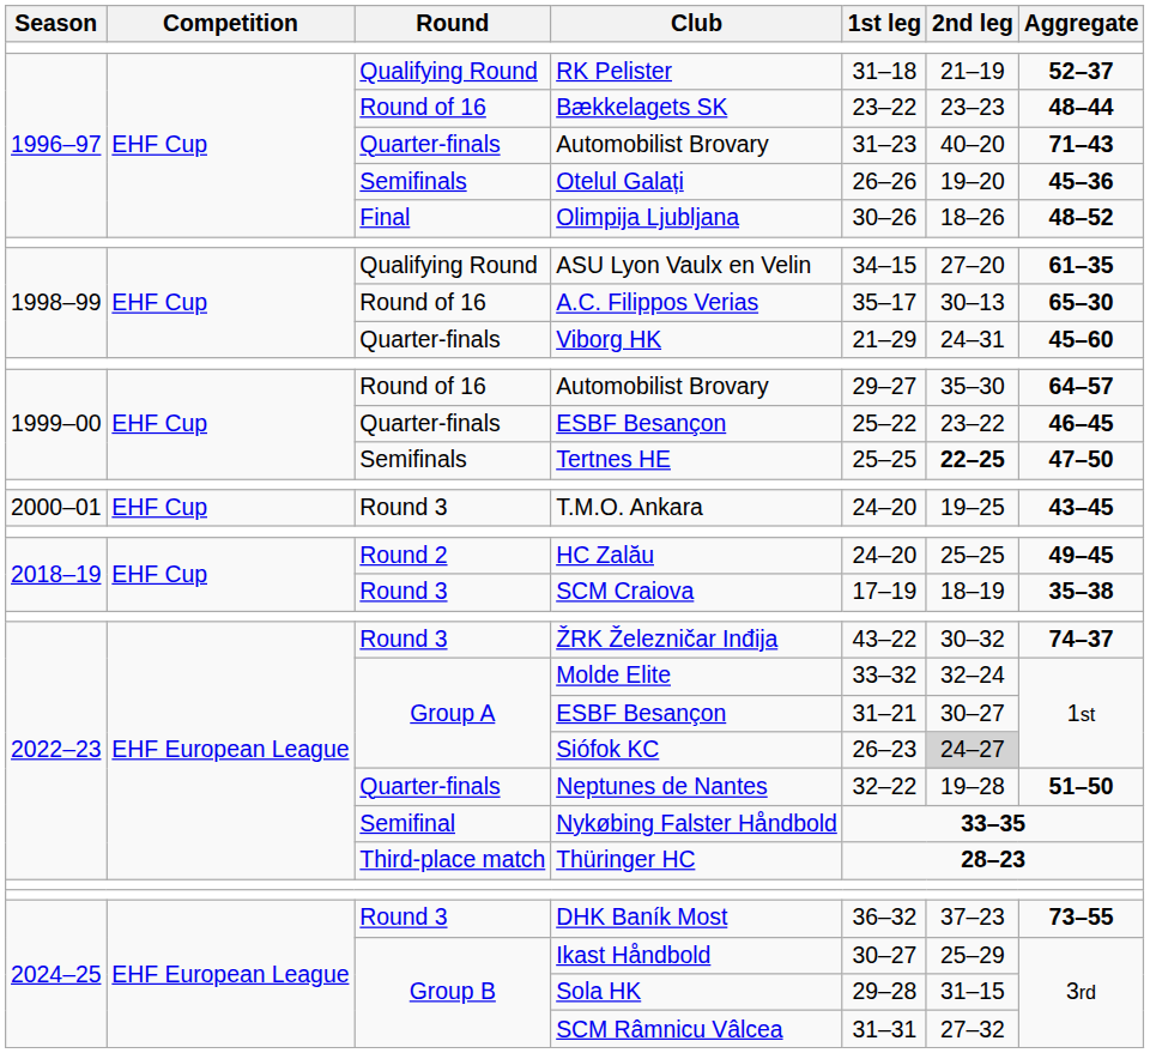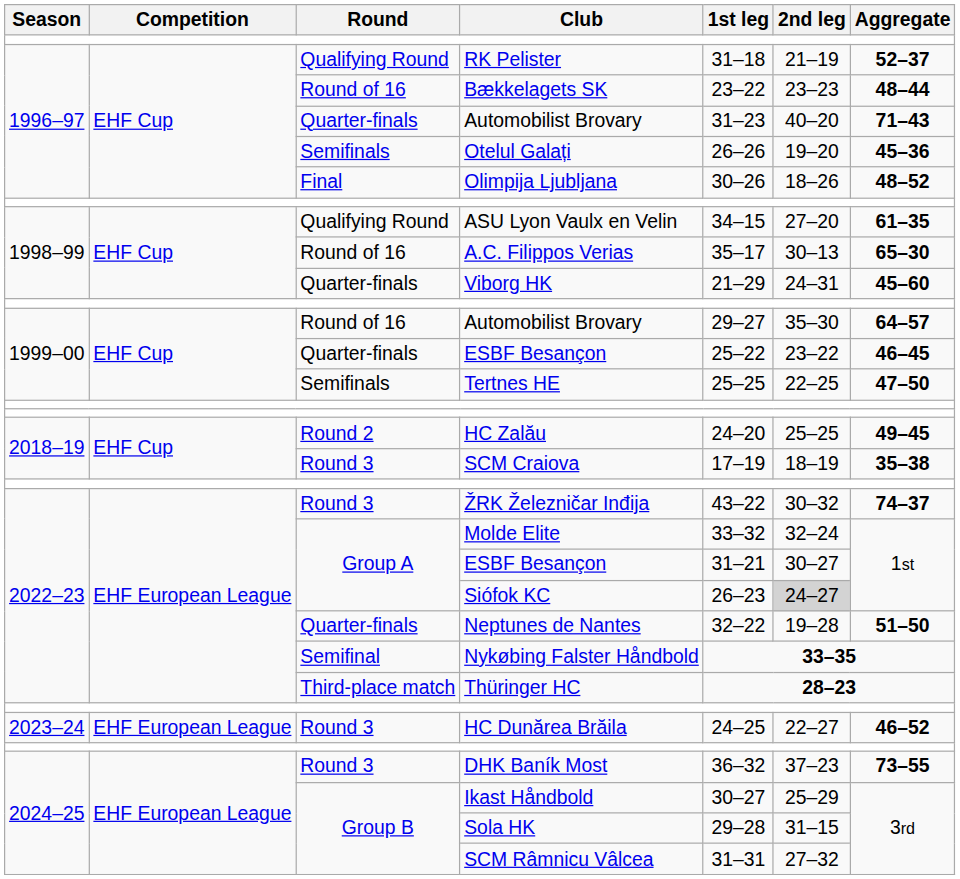 <table class="wikitable">
 <tr>
 <th>Season</th>
 <th>Competition</th>
 <th>Round</th>
 <th>Club</th>
 <th>1st leg</th>
 <th>2nd leg</th>
 <th>Aggregate</th>
 </tr>
 <tr>
 <td colspan="7" bgcolor=white></td>
 </tr>
 <tr>
 <td rowspan=5><a href='#'>1996–97</a></td>
 <td rowspan=5><a href='#'>EHF Cup</a></td>
 <td><a href='#'>Qualifying Round</a></td>
 <td> <a href='#'>RK Pelister</a></td>
 <td align=center>31–18</td>
 <td align=center>21–19</td>
 <td align=center><strong>52–37</strong></td>
 </tr>
 <tr>
 <td><a href='#'>Round of 16</a></td>
 <td> <a href='#'>Bækkelagets SK</a></td>
 <td align=center>23–22</td>
 <td align=center>23–23</td>
 <td align=center><strong>48–44</strong></td>
 </tr>
 <tr>
 <td><a href='#'>Quarter-finals</a></td>
 <td> Automobilist Brovary</td>
 <td align=center>31–23</td>
 <td align=center>40–20</td>
 <td align=center><strong>71–43</strong></td>
 </tr>
 <tr>
 <td><a href='#'>Semifinals</a></td>
 <td> <a href='#'>Otelul Galați</a></td>
 <td align=center>26–26</td>
 <td align=center>19–20</td>
 <td align=center><strong>45–36</strong></td>
 </tr>
 <tr>
 <td><a href='#'>Final</a></td>
 <td> <a href='#'>Olimpija Ljubljana</a></td>
 <td align=center>30–26</td>
 <td align=center>18–26</td>
 <td align=center><strong>48–52</strong></td>
 </tr>
 <tr>
 <td colspan="7" bgcolor=white></td>
 </tr>
 <tr>
 <td rowspan=3>1998–99</td>
 <td rowspan=3><a href='#'>EHF Cup</a></td>
 <td>Qualifying Round</td>
 <td> ASU Lyon Vaulx en Velin</td>
 <td align=center>34–15</td>
 <td align=center>27–20</td>
 <td align=center><strong>61–35</strong></td>
 </tr>
 <tr>
 <td>Round of 16</td>
 <td> <a href='#'>A.C. Filippos Verias</a></td>
 <td align=center>35–17</td>
 <td align=center>30–13</td>
 <td align=center><strong>65–30</strong></td>
 </tr>
 <tr>
 <td>Quarter-finals</td>
 <td> <a href='#'>Viborg HK</a></td>
 <td align=center>21–29</td>
 <td align=center>24–31</td>
 <td align=center><strong>45–60</strong></td>
 </tr>
 <tr>
 <td colspan="7" bgcolor=white></td>
 </tr>
 <tr>
 <td rowspan=3>1999–00</td>
 <td rowspan=3><a href='#'>EHF Cup</a></td>
 <td>Round of 16</td>
 <td> Automobilist Brovary</td>
 <td align=center>29–27</td>
 <td align=center>35–30</td>
 <td align=center><strong>64–57</strong></td>
 </tr>
 <tr>
 <td>Quarter-finals</td>
 <td> <a href='#'>ESBF Besançon</a></td>
 <td align=center>25–22</td>
 <td align=center>23–22</td>
 <td align=center><strong>46–45</strong></td>
 </tr>
 <tr>
 <td>Semifinals</td>
 <td> <a href='#'>Tertnes HE</a></td>
 <td align=center>25–25</td>
-<td align=center><strong>22–25</strong></td>
+<td align=center>22–25</td>
 <td align=center><strong>47–50</strong></td>
 </tr>
 <tr>
 <td colspan="7" bgcolor=white></td>
-</tr>
-<tr>
-<td rowspan=1>2000–01</td>
-<td rowspan=1><a href='#'>EHF Cup</a></td>
-<td>Round 3</td>
-<td> T.M.O. Ankara</td>
-<td align=center>24–20</td>
-<td align=center>19–25</td>
-<td align=center><strong>43–45</strong></td>
 </tr>
 <tr>
 <td colspan="7" bgcolor=white></td>
 </tr>
 <tr>
 <td rowspan=2><a href='#'>2018–19</a></td>
 <td rowspan=2><a href='#'>EHF Cup</a></td>
 <td><a href='#'>Round 2</a></td>
 <td> <a href='#'>HC Zalău</a></td>
 <td align=center>24–20</td>
 <td align=center>25–25</td>
 <td align=center><strong>49–45</strong></td>
 </tr>
 <tr>
 <td><a href='#'>Round 3</a></td>
 <td> <a href='#'>SCM Craiova</a></td>
 <td align=center>17–19</td>
 <td align=center>18–19</td>
 <td align=center><strong>35–38</strong></td>
 </tr>
 <tr>
 <td colspan="7" bgcolor=white></td>
 </tr>
 <tr>
 <td rowspan=7><a href='#'>2022–23</a></td>
 <td rowspan=7><a href='#'>EHF European League</a></td>
 <td><a href='#'>Round 3</a></td>
 <td> <a href='#'>ŽRK Železničar Inđija</a></td>
 <td align=center>43–22</td>
 <td style="text-align:center;">30–32</td>
 <td align=center><strong>74–37</strong></td>
 </tr>
 <tr>
 <td rowspan=3 style="text-align:center;"><a href='#'>Group A</a></td>
 <td> <a href='#'>Molde Elite</a></td>
 <td style="text-align:center;">33–32</td>
 <td style="text-align:center;">32–24</td>
 <td align=center rowspan=3>1<small>st</small></td>
 </tr>
 <tr>
 <td> <a href='#'>ESBF Besançon</a></td>
 <td style="text-align:center;">31–21</td>
 <td style="text-align:center;">30–27</td>
 </tr>
 <tr>
 <td> <a href='#'>Siófok KC</a></td>
 <td style="text-align:center;">26–23</td>
 <td style="background: lightgrey; text-align:center;">24–27</td>
 </tr>
 <tr>
 <td><a href='#'>Quarter-finals</a></td>
 <td> <a href='#'>Neptunes de Nantes</a></td>
 <td style="text-align:center;">32–22</td>
 <td style="text-align:center;">19–28</td>
 <td style="text-align:center;"><strong>51–50</strong></td>
 </tr>
 <tr>
 <td><a href='#'>Semifinal</a></td>
 <td> <a href='#'>Nykøbing Falster Håndbold</a></td>
 <td colspan=3 align=center><strong>33–35</strong></td>
 </tr>
 <tr>
 <td><a href='#'>Third-place match</a></td>
 <td> <a href='#'>Thüringer HC</a></td>
 <td colspan=3 align=center><strong>28–23</strong></td>
 </tr>
 <tr>
 <td colspan="7" bgcolor=white></td>
 </tr>
 <tr>
+<td rowspan=1><a href='#'>2023–24</a></td>
+<td rowspan=1><a href='#'>EHF European League</a></td>
+<td><a href='#'>Round 3</a></td>
+<td> <a href='#'>HC Dunărea Brăila</a></td>
+<td align=center>24–25</td>
+<td align=center>22–27</td>
+<td align=center><strong>46–52</strong></td>
+</tr>
+<tr>
 <td colspan="7" bgcolor=white></td>
 </tr>
 <tr>
 <td rowspan=4><a href='#'>2024–25</a></td>
 <td rowspan=4><a href='#'>EHF European League</a></td>
 <td><a href='#'>Round 3</a></td>
 <td> <a href='#'>DHK Baník Most</a></td>
 <td align=center>36–32</td>
 <td align=center>37–23</td>
 <td align=center><strong>73–55</strong></td>
 </tr>
 <tr>
 <td rowspan=3 style="text-align:center;"><a href='#'>Group B</a></td>
 <td> <a href='#'>Ikast Håndbold</a></td>
 <td style="text-align:center;">30–27</td>
 <td style="text-align:center;">25–29</td>
 <td align=center rowspan=3>3<small>rd</small></td>
 </tr>
 <tr>
 <td> <a href='#'>Sola HK</a></td>
 <td style="text-align:center;">29–28</td>
 <td align=center>31–15</td>
 </tr>
 <tr>
 <td> <a href='#'>SCM Râmnicu Vâlcea</a></td>
 <td style="text-align:center;">31–31</td>
 <td style="text-align:center;">27–32</td>
 </tr>
 <tr>
 </tr>
 </table>
